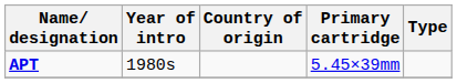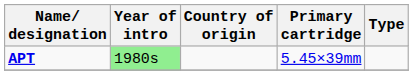 <table class="wikitable sortable" float="bottom">
 <tr>
 <th>Name/<br>designation</th>
 <th>Year of<br>intro</th>
 <th>Country of<br>origin</th>
 <th>Primary<br>cartridge</th>
 <th>Type</th>
 </tr>
 <tr>
 <td><strong><a href='#'>APT</a></strong></td>
-<td>1980s</td>
+<td style="background: lightgreen;">1980s</td>
 <td></td>
 <td><a href='#'>5.45×39mm</a></td>
 <td></td>
 </tr>
 <tr>
 </tr>
 </table>
